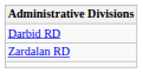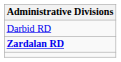 <table class="wikitable">
 <tr>
 <th>Administrative Divisions</th>
 </tr>
 <tr>
 <td><a href='#'>Darbid RD</a></td>
 </tr>
 <tr>
-<td><a href='#'>Zardalan RD</a></td>
+<td><strong><a href='#'>Zardalan RD</a></strong></td>
 </tr>
 <tr>
 <td colspan=1></td>
 </tr>
 </table>
